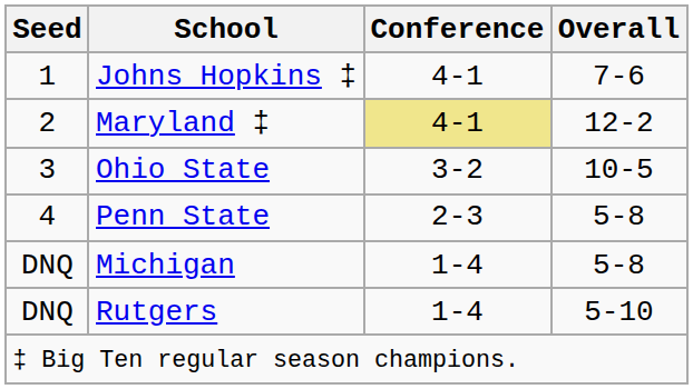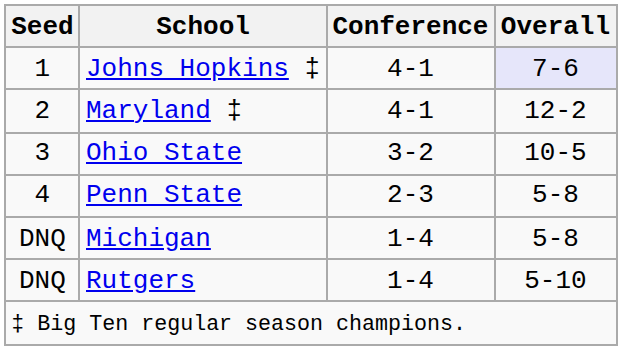 <table class="wikitable" style="text-align:center">
 <tr>
 <th>Seed</th>
 <th>School</th>
 <th>Conference</th>
 <th>Overall</th>
 </tr>
 <tr>
 <td>1</td>
 <td align=left><a href='#'>Johns Hopkins</a> ‡</td>
 <td>4-1</td>
-<td>7-6</td>
+<td style="background: lavender;">7-6</td>
 </tr>
 <tr>
 <td>2</td>
 <td align=left><a href='#'>Maryland</a> ‡</td>
-<td style="background: khaki;">4-1</td>
+<td>4-1</td>
 <td>12-2</td>
 </tr>
 <tr>
 <td>3</td>
 <td align=left><a href='#'>Ohio State</a></td>
 <td>3-2</td>
 <td>10-5</td>
 </tr>
 <tr>
 <td>4</td>
 <td align=left><a href='#'>Penn State</a></td>
 <td>2-3</td>
 <td>5-8</td>
 </tr>
 <tr>
 <td>DNQ</td>
 <td align=left><a href='#'>Michigan</a></td>
 <td>1-4</td>
 <td>5-8</td>
 </tr>
 <tr>
 <td>DNQ</td>
 <td align=left><a href='#'>Rutgers</a></td>
 <td>1-4</td>
 <td>5-10</td>
 </tr>
 <tr>
 <td colspan=4 align=left><small>‡ Big Ten regular season champions.</small></td>
 </tr>
 </table>
